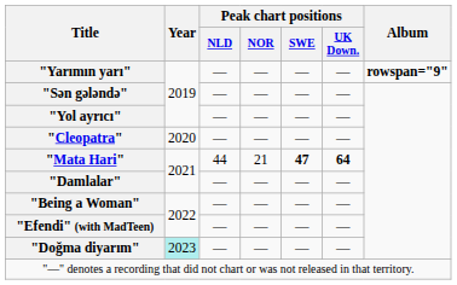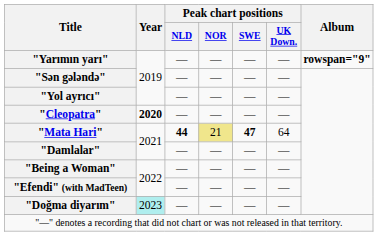 <table class="wikitable plainrowheaders" style="text-align:center;">
 <tr>
 <th scope="col" rowspan="2" style="width:11em;">Title</th>
 <th scope="col" rowspan="2" style="width:1em;">Year</th>
 <th scope="col" colspan="4">Peak chart positions</th>
 <th scope="col" rowspan="2">Album</th>
 </tr>
 <tr>
 <th scope="col" style="width:3em;font-size:85%;"><a href='#'>NLD</a><br></th>
 <th scope="col" style="width:3em;font-size:85%;"><a href='#'>NOR</a><br></th>
 <th scope="col" style="width:3em;font-size:85%;"><a href='#'>SWE</a><br></th>
 <th scope="col" style="width:3em;font-size:85%;"><a href='#'>UK<br>Down.</a><br></th>
 </tr>
 <tr>
 <th scope="row">"Yarımın yarı"</th>
 <td rowspan="3">2019</td>
 <td>—</td>
 <td>—</td>
 <td>—</td>
 <td>—</td>
 <td><strong>rowspan="9" </strong></td>
 </tr>
 <tr>
 <th scope="row">"Sən gələndə"</th>
 <td>—</td>
 <td>—</td>
 <td>—</td>
 <td>—</td>
 </tr>
 <tr>
 <th scope="row">"Yol ayrıcı"</th>
 <td>—</td>
 <td>—</td>
 <td>—</td>
 <td>—</td>
 </tr>
 <tr>
 <th scope="row">"<a href='#'>Cleopatra</a>"</th>
-<td>2020</td>
+<td><strong>2020</strong></td>
 <td>—</td>
 <td>—</td>
 <td>—</td>
 <td>—</td>
 </tr>
 <tr>
 <th scope="row">"<a href='#'>Mata Hari</a>"</th>
 <td rowspan="2">2021</td>
-<td>44</td>
-<td>21</td>
+<td><strong>44</strong></td>
+<td style="background: khaki;">21</td>
 <td><strong>47</strong></td>
-<td><strong>64</strong></td>
+<td>64</td>
 </tr>
 <tr>
 <th scope="row">"Damlalar"</th>
 <td>—</td>
 <td>—</td>
 <td>—</td>
 <td>—</td>
 </tr>
 <tr>
 <th scope="row">"Being a Woman"</th>
 <td rowspan="2">2022</td>
 <td>—</td>
 <td>—</td>
 <td>—</td>
 <td>—</td>
 </tr>
 <tr>
 <th scope="row">"Efendi" <small>(with MadTeen)</small></th>
 <td>—</td>
 <td>—</td>
 <td>—</td>
 <td>—</td>
 </tr>
 <tr>
 <th scope="row">"Doğma diyarım"</th>
 <td style="background: paleturquoise;">2023</td>
 <td>—</td>
 <td>—</td>
 <td>—</td>
 <td>—</td>
 </tr>
 <tr>
 <td colspan="7" style="font-size:85%">"—" denotes a recording that did not chart or was not released in that territory.</td>
 </tr>
 </table>
